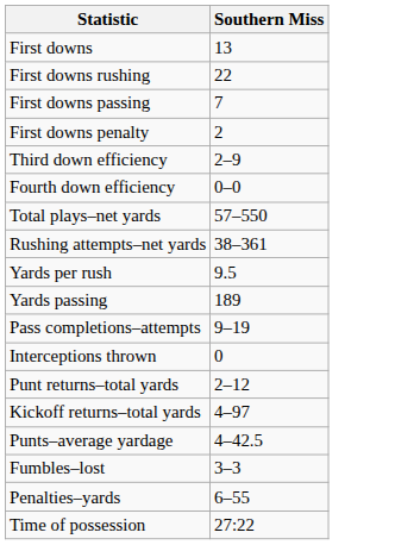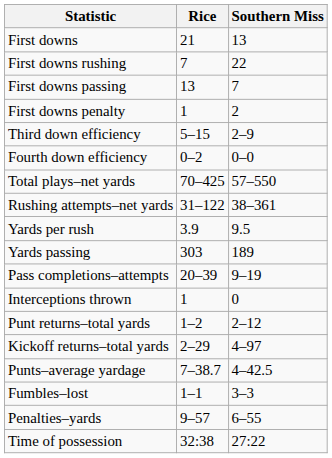 <table class="wikitable">
 <tr>
 <th>Statistic</th>
+<th><strong>Rice</strong></th>
 <th><strong>Southern Miss</strong></th>
 </tr>
 <tr>
 <td>First downs</td>
+<td>21</td>
 <td>13</td>
 </tr>
 <tr>
 <td>First downs rushing</td>
+<td>7</td>
 <td>22</td>
 </tr>
 <tr>
 <td>First downs passing</td>
+<td>13</td>
 <td>7</td>
 </tr>
 <tr>
 <td>First downs penalty</td>
+<td>1</td>
 <td>2</td>
 </tr>
 <tr>
 <td>Third down efficiency</td>
+<td>5–15</td>
 <td>2–9</td>
 </tr>
 <tr>
 <td>Fourth down efficiency</td>
+<td>0–2</td>
 <td>0–0</td>
 </tr>
 <tr>
 <td>Total plays–net yards</td>
+<td>70–425</td>
 <td>57–550</td>
 </tr>
 <tr>
 <td>Rushing attempts–net yards</td>
+<td>31–122</td>
 <td>38–361</td>
 </tr>
 <tr>
 <td>Yards per rush</td>
+<td>3.9</td>
 <td>9.5</td>
 </tr>
 <tr>
 <td>Yards passing</td>
+<td>303</td>
 <td>189</td>
 </tr>
 <tr>
 <td>Pass completions–attempts</td>
+<td>20–39</td>
 <td>9–19</td>
 </tr>
 <tr>
 <td>Interceptions thrown</td>
+<td>1</td>
 <td>0</td>
 </tr>
 <tr>
 <td>Punt returns–total yards</td>
+<td>1–2</td>
 <td>2–12</td>
 </tr>
 <tr>
 <td>Kickoff returns–total yards</td>
+<td>2–29</td>
 <td>4–97</td>
 </tr>
 <tr>
 <td>Punts–average yardage</td>
+<td>7–38.7</td>
 <td>4–42.5</td>
 </tr>
 <tr>
 <td>Fumbles–lost</td>
+<td>1–1</td>
 <td>3–3</td>
 </tr>
 <tr>
 <td>Penalties–yards</td>
+<td>9–57</td>
 <td>6–55</td>
 </tr>
 <tr>
 <td>Time of possession</td>
+<td>32:38</td>
 <td>27:22</td>
 </tr>
 </table>
